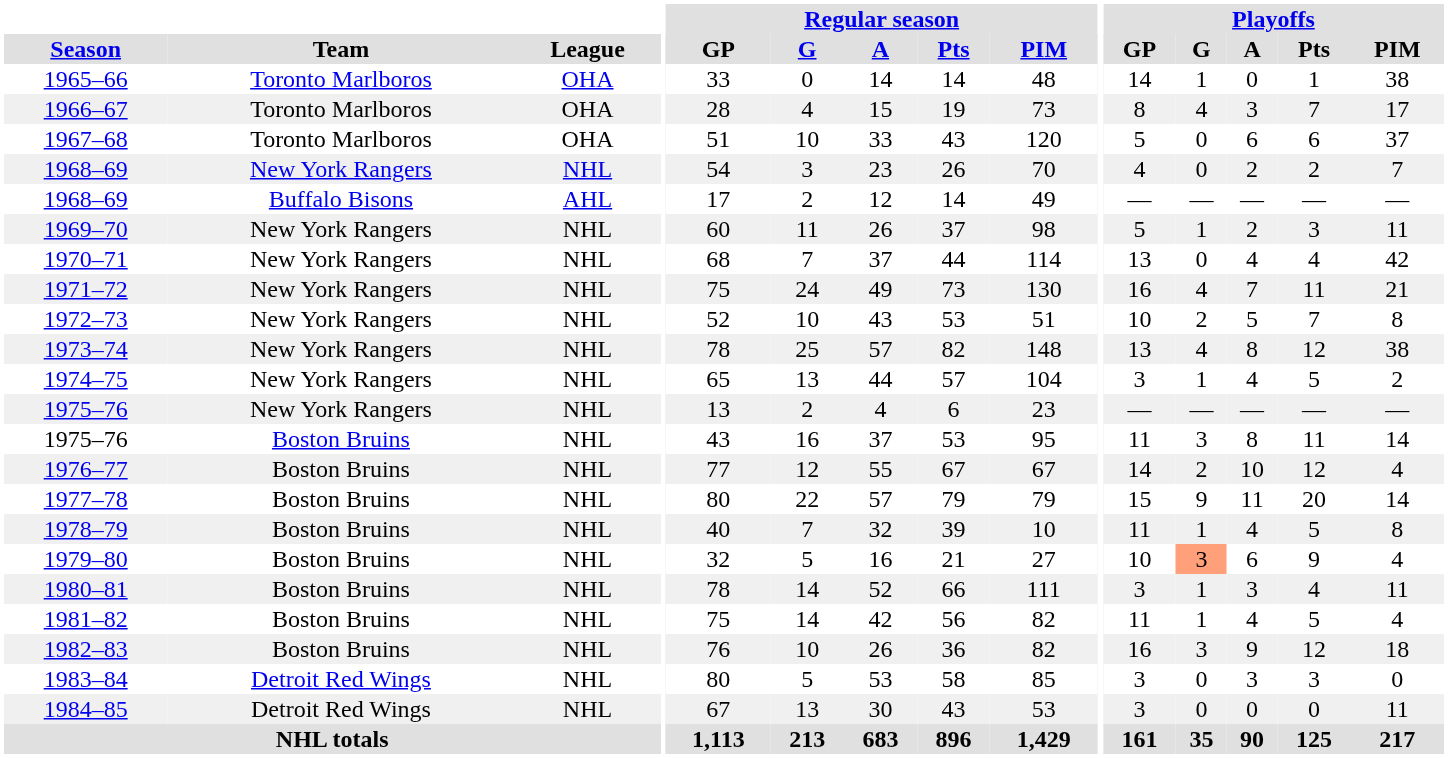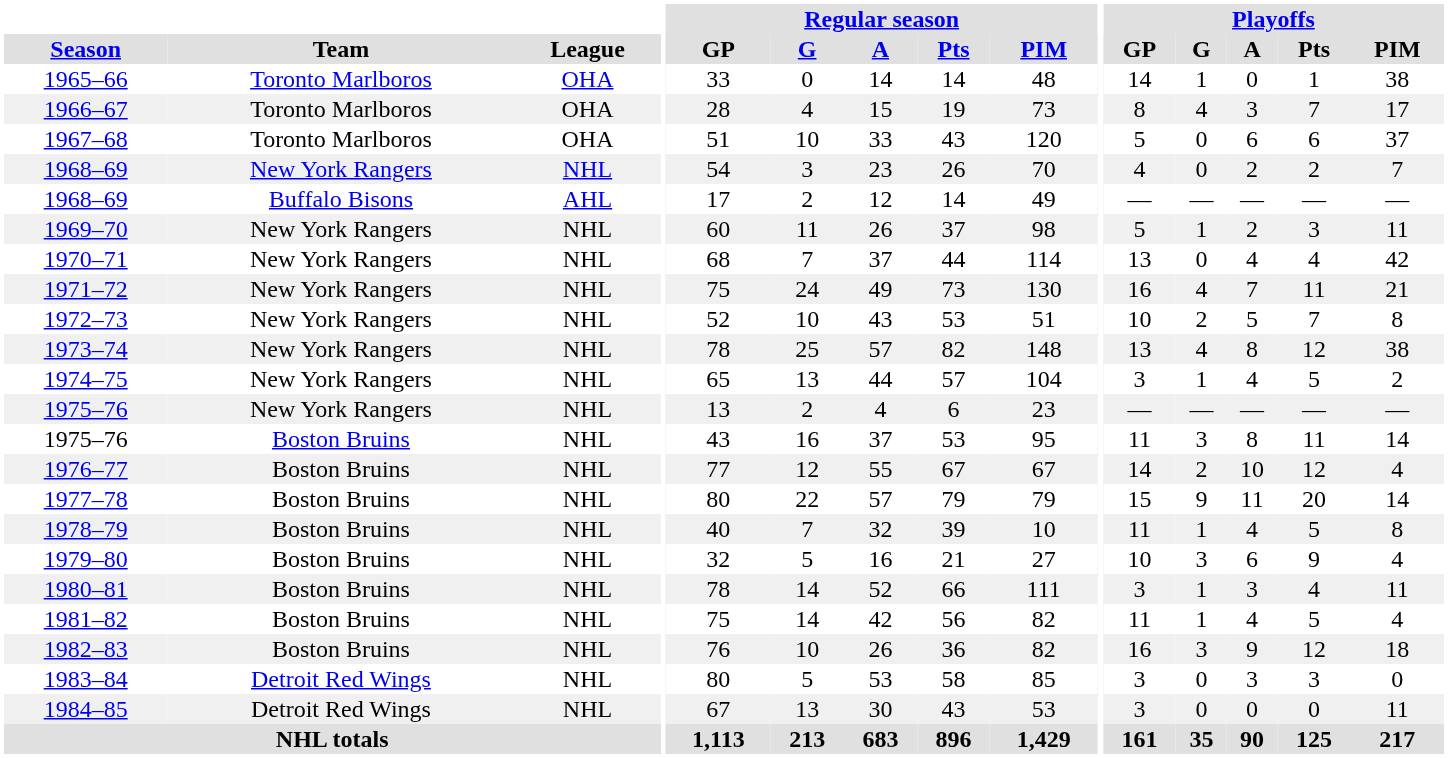 <table border="0" cellpadding="1" cellspacing="0" style="text-align:center; width:60em">
 <tr bgcolor="#e0e0e0">
 <th colspan="3" bgcolor="#ffffff"></th>
 <th rowspan="100" bgcolor="#ffffff"></th>
 <th colspan="5"><a href='#'>Regular season</a></th>
 <th rowspan="100" bgcolor="#ffffff"></th>
 <th colspan="5"><a href='#'>Playoffs</a></th>
 </tr>
 <tr bgcolor="#e0e0e0">
 <th><a href='#'>Season</a></th>
 <th>Team</th>
 <th>League</th>
 <th>GP</th>
 <th><a href='#'>G</a></th>
 <th><a href='#'>A</a></th>
 <th><a href='#'>Pts</a></th>
 <th><a href='#'>PIM</a></th>
 <th>GP</th>
 <th>G</th>
 <th>A</th>
 <th>Pts</th>
 <th>PIM</th>
 </tr>
 <tr>
 <td><a href='#'>1965–66</a></td>
 <td><a href='#'>Toronto Marlboros</a></td>
 <td><a href='#'>OHA</a></td>
 <td>33</td>
 <td>0</td>
 <td>14</td>
 <td>14</td>
 <td>48</td>
 <td>14</td>
 <td>1</td>
 <td>0</td>
 <td>1</td>
 <td>38</td>
 </tr>
 <tr bgcolor="#f0f0f0">
 <td><a href='#'>1966–67</a></td>
 <td>Toronto Marlboros</td>
 <td>OHA</td>
 <td>28</td>
 <td>4</td>
 <td>15</td>
 <td>19</td>
 <td>73</td>
 <td>8</td>
 <td>4</td>
 <td>3</td>
 <td>7</td>
 <td>17</td>
 </tr>
 <tr>
 <td><a href='#'>1967–68</a></td>
 <td>Toronto Marlboros</td>
 <td>OHA</td>
 <td>51</td>
 <td>10</td>
 <td>33</td>
 <td>43</td>
 <td>120</td>
 <td>5</td>
 <td>0</td>
 <td>6</td>
 <td>6</td>
 <td>37</td>
 </tr>
 <tr bgcolor="#f0f0f0">
 <td><a href='#'>1968–69</a></td>
 <td><a href='#'>New York Rangers</a></td>
 <td><a href='#'>NHL</a></td>
 <td>54</td>
 <td>3</td>
 <td>23</td>
 <td>26</td>
 <td>70</td>
 <td>4</td>
 <td>0</td>
 <td>2</td>
 <td>2</td>
 <td>7</td>
 </tr>
 <tr>
 <td><a href='#'>1968–69</a></td>
 <td><a href='#'>Buffalo Bisons</a></td>
 <td><a href='#'>AHL</a></td>
 <td>17</td>
 <td>2</td>
 <td>12</td>
 <td>14</td>
 <td>49</td>
 <td>—</td>
 <td>—</td>
 <td>—</td>
 <td>—</td>
 <td>—</td>
 </tr>
 <tr bgcolor="#f0f0f0">
 <td><a href='#'>1969–70</a></td>
 <td>New York Rangers</td>
 <td>NHL</td>
 <td>60</td>
 <td>11</td>
 <td>26</td>
 <td>37</td>
 <td>98</td>
 <td>5</td>
 <td>1</td>
 <td>2</td>
 <td>3</td>
 <td>11</td>
 </tr>
 <tr>
 <td><a href='#'>1970–71</a></td>
 <td>New York Rangers</td>
 <td>NHL</td>
 <td>68</td>
 <td>7</td>
 <td>37</td>
 <td>44</td>
 <td>114</td>
 <td>13</td>
 <td>0</td>
 <td>4</td>
 <td>4</td>
 <td>42</td>
 </tr>
 <tr bgcolor="#f0f0f0">
 <td><a href='#'>1971–72</a></td>
 <td>New York Rangers</td>
 <td>NHL</td>
 <td>75</td>
 <td>24</td>
 <td>49</td>
 <td>73</td>
 <td>130</td>
 <td>16</td>
 <td>4</td>
 <td>7</td>
 <td>11</td>
 <td>21</td>
 </tr>
 <tr>
 <td><a href='#'>1972–73</a></td>
 <td>New York Rangers</td>
 <td>NHL</td>
 <td>52</td>
 <td>10</td>
 <td>43</td>
 <td>53</td>
 <td>51</td>
 <td>10</td>
 <td>2</td>
 <td>5</td>
 <td>7</td>
 <td>8</td>
 </tr>
 <tr bgcolor="#f0f0f0">
 <td><a href='#'>1973–74</a></td>
 <td>New York Rangers</td>
 <td>NHL</td>
 <td>78</td>
 <td>25</td>
 <td>57</td>
 <td>82</td>
 <td>148</td>
 <td>13</td>
 <td>4</td>
 <td>8</td>
 <td>12</td>
 <td>38</td>
 </tr>
 <tr>
 <td><a href='#'>1974–75</a></td>
 <td>New York Rangers</td>
 <td>NHL</td>
 <td>65</td>
 <td>13</td>
 <td>44</td>
 <td>57</td>
 <td>104</td>
 <td>3</td>
 <td>1</td>
 <td>4</td>
 <td>5</td>
 <td>2</td>
 </tr>
 <tr bgcolor="#f0f0f0">
 <td><a href='#'>1975–76</a></td>
 <td>New York Rangers</td>
 <td>NHL</td>
 <td>13</td>
 <td>2</td>
 <td>4</td>
 <td>6</td>
 <td>23</td>
 <td>—</td>
 <td>—</td>
 <td>—</td>
 <td>—</td>
 <td>—</td>
 </tr>
 <tr>
 <td>1975–76</td>
 <td><a href='#'>Boston Bruins</a></td>
 <td>NHL</td>
 <td>43</td>
 <td>16</td>
 <td>37</td>
 <td>53</td>
 <td>95</td>
 <td>11</td>
 <td>3</td>
 <td>8</td>
 <td>11</td>
 <td>14</td>
 </tr>
 <tr bgcolor="#f0f0f0">
 <td><a href='#'>1976–77</a></td>
 <td>Boston Bruins</td>
 <td>NHL</td>
 <td>77</td>
 <td>12</td>
 <td>55</td>
 <td>67</td>
 <td>67</td>
 <td>14</td>
 <td>2</td>
 <td>10</td>
 <td>12</td>
 <td>4</td>
 </tr>
 <tr>
 <td><a href='#'>1977–78</a></td>
 <td>Boston Bruins</td>
 <td>NHL</td>
 <td>80</td>
 <td>22</td>
 <td>57</td>
 <td>79</td>
 <td>79</td>
 <td>15</td>
 <td>9</td>
 <td>11</td>
 <td>20</td>
 <td>14</td>
 </tr>
 <tr bgcolor="#f0f0f0">
 <td><a href='#'>1978–79</a></td>
 <td>Boston Bruins</td>
 <td>NHL</td>
 <td>40</td>
 <td>7</td>
 <td>32</td>
 <td>39</td>
 <td>10</td>
 <td>11</td>
 <td>1</td>
 <td>4</td>
 <td>5</td>
 <td>8</td>
 </tr>
 <tr>
 <td><a href='#'>1979–80</a></td>
 <td>Boston Bruins</td>
 <td>NHL</td>
 <td>32</td>
 <td>5</td>
 <td>16</td>
 <td>21</td>
 <td>27</td>
 <td>10</td>
-<td style="background: lightsalmon;">3</td>
+<td>3</td>
 <td>6</td>
 <td>9</td>
 <td>4</td>
 </tr>
 <tr bgcolor="#f0f0f0">
 <td><a href='#'>1980–81</a></td>
 <td>Boston Bruins</td>
 <td>NHL</td>
 <td>78</td>
 <td>14</td>
 <td>52</td>
 <td>66</td>
 <td>111</td>
 <td>3</td>
 <td>1</td>
 <td>3</td>
 <td>4</td>
 <td>11</td>
 </tr>
 <tr>
 <td><a href='#'>1981–82</a></td>
 <td>Boston Bruins</td>
 <td>NHL</td>
 <td>75</td>
 <td>14</td>
 <td>42</td>
 <td>56</td>
 <td>82</td>
 <td>11</td>
 <td>1</td>
 <td>4</td>
 <td>5</td>
 <td>4</td>
 </tr>
 <tr bgcolor="#f0f0f0">
 <td><a href='#'>1982–83</a></td>
 <td>Boston Bruins</td>
 <td>NHL</td>
 <td>76</td>
 <td>10</td>
 <td>26</td>
 <td>36</td>
 <td>82</td>
 <td>16</td>
 <td>3</td>
 <td>9</td>
 <td>12</td>
 <td>18</td>
 </tr>
 <tr>
 <td><a href='#'>1983–84</a></td>
 <td><a href='#'>Detroit Red Wings</a></td>
 <td>NHL</td>
 <td>80</td>
 <td>5</td>
 <td>53</td>
 <td>58</td>
 <td>85</td>
 <td>3</td>
 <td>0</td>
 <td>3</td>
 <td>3</td>
 <td>0</td>
 </tr>
 <tr bgcolor="#f0f0f0">
 <td><a href='#'>1984–85</a></td>
 <td>Detroit Red Wings</td>
 <td>NHL</td>
 <td>67</td>
 <td>13</td>
 <td>30</td>
 <td>43</td>
 <td>53</td>
 <td>3</td>
 <td>0</td>
 <td>0</td>
 <td>0</td>
 <td>11</td>
 </tr>
 <tr bgcolor="#e0e0e0">
 <th colspan="3">NHL totals</th>
 <th>1,113</th>
 <th>213</th>
 <th>683</th>
 <th>896</th>
 <th>1,429</th>
 <th>161</th>
 <th>35</th>
 <th>90</th>
 <th>125</th>
 <th>217</th>
 </tr>
 </table>
